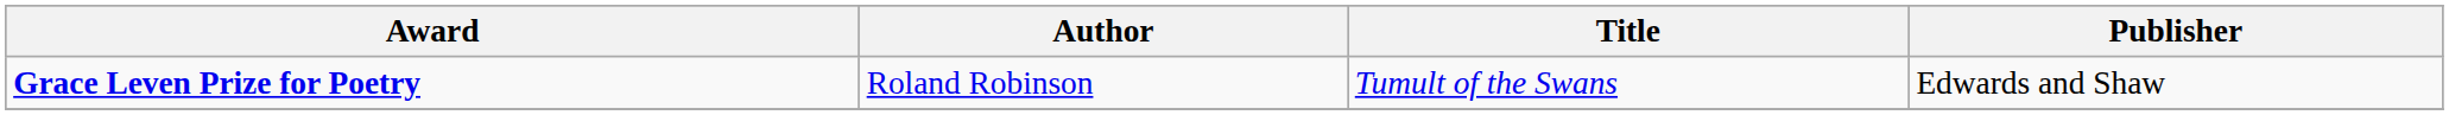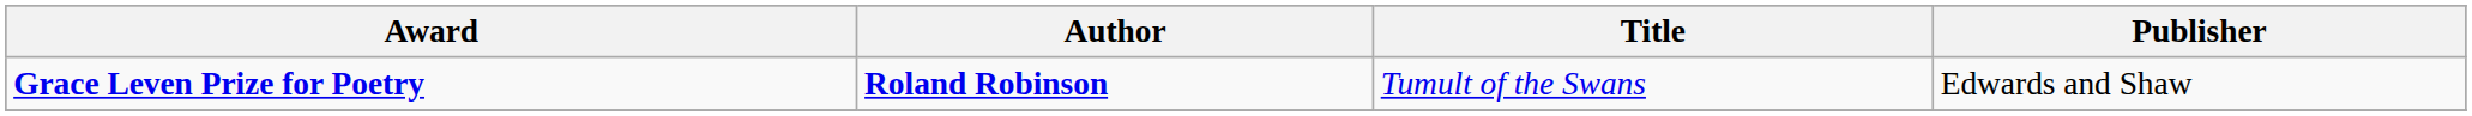 <table class="wikitable" width=95%>
 <tr>
 <th>Award</th>
 <th>Author</th>
 <th>Title</th>
 <th>Publisher</th>
 </tr>
 <tr>
 <td><strong><a href='#'>Grace Leven Prize for Poetry</a></strong></td>
-<td><a href='#'>Roland Robinson</a></td>
+<td><strong><a href='#'>Roland Robinson</a></strong></td>
 <td><em><a href='#'>Tumult of the Swans</a></em></td>
 <td>Edwards and Shaw</td>
 </tr>
 <tr>
 </tr>
 </table>
